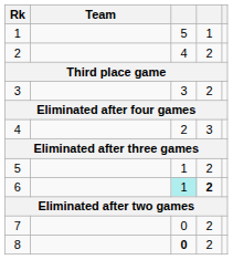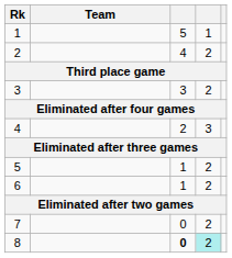 <table class=wikitable style="text-align:center; font-size:95%">
 <tr>
 <th width=25>Rk</th>
 <th width=170>Team</th>
 <th width=25></th>
 <th width=25></th>
 <th colspan=2></th>
 </tr>
 <tr>
 <td>1</td>
 <td align=left></td>
 <td>5</td>
 <td>1</td>
 <td colspan=2></td>
 </tr>
 <tr>
 <td>2</td>
 <td align=left></td>
 <td>4</td>
 <td>2</td>
 <td colspan=2></td>
 </tr>
 <tr>
 <th colspan="8">Third place game</th>
 </tr>
 <tr>
 <td>3</td>
 <td align=left></td>
 <td>3</td>
 <td>2</td>
 <td colspan=2></td>
 </tr>
 <tr>
 <th colspan="8">Eliminated after four games</th>
 </tr>
 <tr>
 <td>4</td>
 <td align=left></td>
 <td>2</td>
 <td>3</td>
 <td></td>
 </tr>
 <tr>
 <th colspan="8">Eliminated after three games</th>
 </tr>
 <tr>
 <td>5</td>
 <td align=left></td>
 <td>1</td>
 <td>2</td>
 <td></td>
 </tr>
 <tr>
 <td>6</td>
 <td align=left></td>
-<td style="background: paleturquoise;">1</td>
-<td><strong>2</strong></td>
+<td>1</td>
+<td>2</td>
 <td></td>
 </tr>
 <tr>
 <th colspan="8">Eliminated after two games</th>
 </tr>
 <tr>
 <td>7</td>
 <td align=left></td>
 <td>0</td>
 <td>2</td>
 <td></td>
 </tr>
 <tr>
 <td>8</td>
 <td align=left></td>
 <td><strong>0</strong></td>
-<td>2</td>
+<td style="background: paleturquoise;">2</td>
 <td></td>
 </tr>
 </table>
